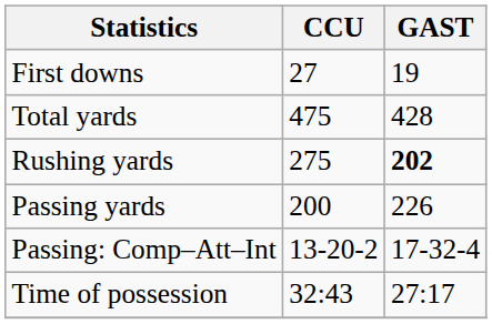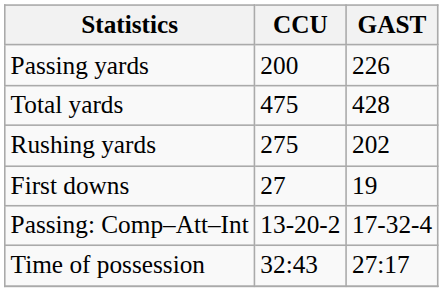 <table class="wikitable" style="float: left;">
 <tr>
 <th>Statistics</th>
 <th>CCU</th>
 <th>GAST</th>
 </tr>
 <tr>
-<td>First downs</td>
-<td>27</td>
-<td>19</td>
+<td>Passing yards</td>
+<td>200</td>
+<td>226</td>
 </tr>
 <tr>
 <td>Total yards</td>
 <td>475</td>
 <td>428</td>
 </tr>
 <tr>
 <td>Rushing yards</td>
 <td>275</td>
-<td><strong>202</strong></td>
+<td>202</td>
 </tr>
 <tr>
-<td>Passing yards</td>
-<td>200</td>
-<td>226</td>
+<td>First downs</td>
+<td>27</td>
+<td>19</td>
 </tr>
 <tr>
 <td>Passing: Comp–Att–Int</td>
 <td>13-20-2</td>
 <td>17-32-4</td>
 </tr>
 <tr>
 <td>Time of possession</td>
 <td>32:43</td>
 <td>27:17</td>
 </tr>
 <tr>
 </tr>
 </table>
